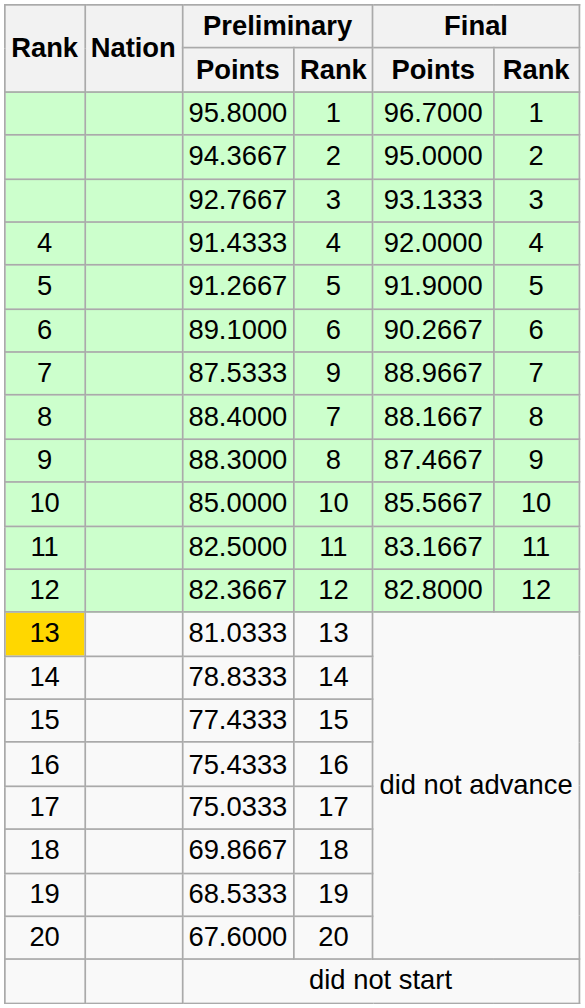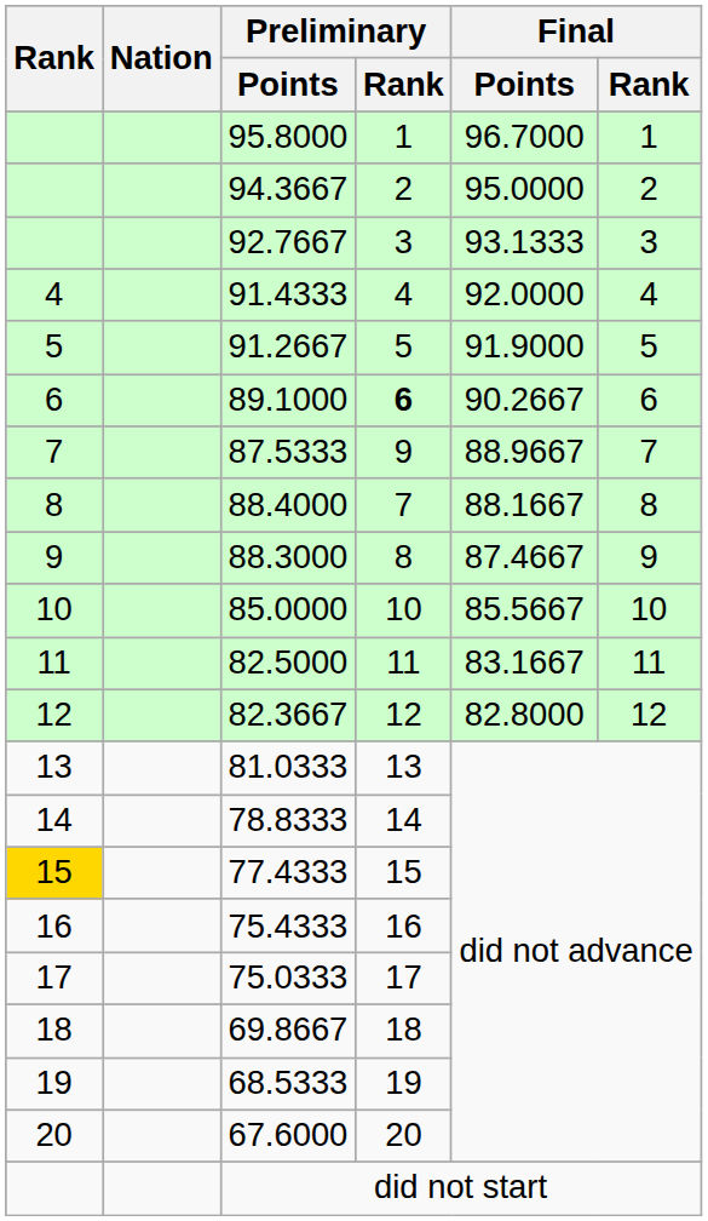 <table class="wikitable sortable" style="text-align:center">
 <tr>
 <th rowspan=2>Rank</th>
 <th rowspan=2>Nation</th>
 <th colspan=2>Preliminary</th>
 <th colspan=2>Final</th>
 </tr>
 <tr>
 <th>Points</th>
 <th>Rank</th>
 <th>Points</th>
 <th>Rank</th>
 </tr>
 <tr bgcolor=ccffcc>
 <td></td>
 <td align=left></td>
 <td>95.8000</td>
 <td>1</td>
 <td>96.7000</td>
 <td>1</td>
 </tr>
 <tr bgcolor=ccffcc>
 <td></td>
 <td align=left></td>
 <td>94.3667</td>
 <td>2</td>
 <td>95.0000</td>
 <td>2</td>
 </tr>
 <tr bgcolor=ccffcc>
 <td></td>
 <td align=left></td>
 <td>92.7667</td>
 <td>3</td>
 <td>93.1333</td>
 <td>3</td>
 </tr>
 <tr bgcolor=ccffcc>
 <td>4</td>
 <td align=left></td>
 <td>91.4333</td>
 <td>4</td>
 <td>92.0000</td>
 <td>4</td>
 </tr>
 <tr bgcolor=ccffcc>
 <td>5</td>
 <td align=left></td>
 <td>91.2667</td>
 <td>5</td>
 <td>91.9000</td>
 <td>5</td>
 </tr>
 <tr bgcolor=ccffcc>
 <td>6</td>
 <td align=left></td>
 <td>89.1000</td>
-<td>6</td>
+<td><strong>6</strong></td>
 <td>90.2667</td>
 <td>6</td>
 </tr>
 <tr bgcolor=ccffcc>
 <td>7</td>
 <td align=left></td>
 <td>87.5333</td>
 <td>9</td>
 <td>88.9667</td>
 <td>7</td>
 </tr>
 <tr bgcolor=ccffcc>
 <td>8</td>
 <td align=left></td>
 <td>88.4000</td>
 <td>7</td>
 <td>88.1667</td>
 <td>8</td>
 </tr>
 <tr bgcolor=ccffcc>
 <td>9</td>
 <td align=left></td>
 <td>88.3000</td>
 <td>8</td>
 <td>87.4667</td>
 <td>9</td>
 </tr>
 <tr bgcolor=ccffcc>
 <td>10</td>
 <td align=left></td>
 <td>85.0000</td>
 <td>10</td>
 <td>85.5667</td>
 <td>10</td>
 </tr>
 <tr bgcolor=ccffcc>
 <td>11</td>
 <td align=left></td>
 <td>82.5000</td>
 <td>11</td>
 <td>83.1667</td>
 <td>11</td>
 </tr>
 <tr bgcolor=ccffcc>
 <td>12</td>
 <td align=left></td>
 <td>82.3667</td>
 <td>12</td>
 <td>82.8000</td>
 <td>12</td>
 </tr>
 <tr>
-<td style="background: gold;">13</td>
+<td>13</td>
 <td align=left></td>
 <td>81.0333</td>
 <td>13</td>
 <td colspan=2 rowspan=8>did not advance</td>
 </tr>
 <tr>
 <td>14</td>
 <td align=left></td>
 <td>78.8333</td>
 <td>14</td>
 </tr>
 <tr>
-<td>15</td>
+<td style="background: gold;">15</td>
 <td align=left></td>
 <td>77.4333</td>
 <td>15</td>
 </tr>
 <tr>
 <td>16</td>
 <td align=left></td>
 <td>75.4333</td>
 <td>16</td>
 </tr>
 <tr>
 <td>17</td>
 <td align=left></td>
 <td>75.0333</td>
 <td>17</td>
 </tr>
 <tr>
 <td>18</td>
 <td align=left></td>
 <td>69.8667</td>
 <td>18</td>
 </tr>
 <tr>
 <td>19</td>
 <td align=left></td>
 <td>68.5333</td>
 <td>19</td>
 </tr>
 <tr>
 <td>20</td>
 <td align=left></td>
 <td>67.6000</td>
 <td>20</td>
 </tr>
 <tr>
 <td></td>
 <td align=left></td>
 <td colspan=4>did not start</td>
 </tr>
 </table>
